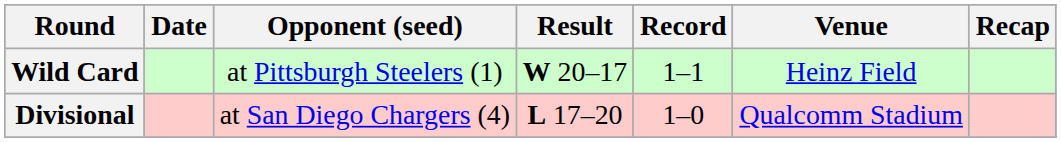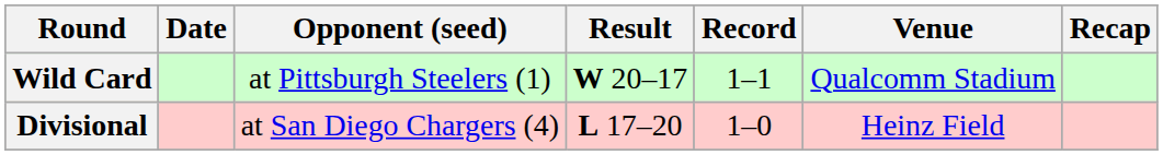 <table class="wikitable"style="text-align:center">
 <tr>
 <th>Round</th>
 <th>Date</th>
 <th>Opponent (seed)</th>
 <th>Result</th>
 <th>Record</th>
 <th>Venue</th>
 <th>Recap</th>
 </tr>
 <tr style="background:#cfc">
 <th>Wild Card</th>
 <td></td>
 <td>at <a href='#'>Pittsburgh Steelers</a> (1)</td>
 <td><strong>W</strong> 20–17 </td>
 <td>1–1</td>
-<td><a href='#'>Heinz Field</a></td>
+<td><a href='#'>Qualcomm Stadium</a></td>
 <td></td>
 </tr>
 <tr style="background:#fcc">
 <th>Divisional</th>
 <td></td>
 <td>at <a href='#'>San Diego Chargers</a> (4)</td>
 <td><strong>L</strong> 17–20 </td>
 <td>1–0</td>
-<td><a href='#'>Qualcomm Stadium</a></td>
+<td><a href='#'>Heinz Field</a></td>
 <td></td>
 </tr>
 </table>
